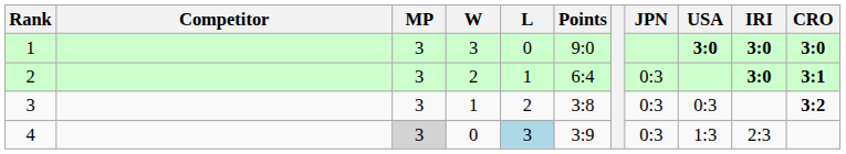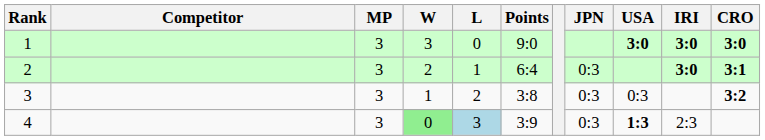 <table class="wikitable" style="text-align:center">
 <tr>
 <th>Rank</th>
 <th style="width:18em">Competitor</th>
 <th style="width:2.5em">MP</th>
 <th style="width:2.5em">W</th>
 <th style="width:2.5em">L</th>
 <th>Points</th>
 <th rowspan="5"> </th>
 <th style="width:2.5em">JPN</th>
 <th style="width:2.5em">USA</th>
 <th style="width:2.5em">IRI</th>
 <th style="width:2.5em">CRO</th>
 </tr>
 <tr style="background:#cfc;">
 <td>1</td>
 <td style="text-align:left"></td>
 <td>3</td>
 <td>3</td>
 <td>0</td>
 <td>9:0</td>
 <td></td>
 <td><strong>3:0</strong></td>
 <td><strong>3:0</strong></td>
 <td><strong>3:0</strong></td>
 </tr>
 <tr style="background:#cfc;">
 <td>2</td>
 <td style="text-align:left"></td>
 <td>3</td>
 <td>2</td>
 <td>1</td>
 <td>6:4</td>
 <td>0:3</td>
 <td></td>
 <td><strong>3:0</strong></td>
 <td><strong>3:1</strong></td>
 </tr>
 <tr>
 <td>3</td>
 <td style="text-align:left"></td>
 <td>3</td>
 <td>1</td>
 <td>2</td>
 <td>3:8</td>
 <td>0:3</td>
 <td>0:3</td>
 <td></td>
 <td><strong>3:2</strong></td>
 </tr>
 <tr>
 <td>4</td>
 <td style="text-align:left"></td>
-<td style="background: lightgrey;">3</td>
-<td>0</td>
+<td>3</td>
+<td style="background: lightgreen;">0</td>
 <td style="background: lightblue;">3</td>
 <td>3:9</td>
 <td>0:3</td>
-<td>1:3</td>
+<td><strong>1:3</strong></td>
 <td>2:3</td>
 <td></td>
 </tr>
 </table>
